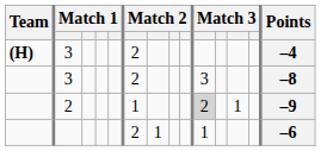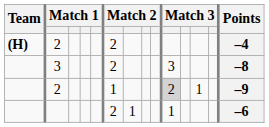 <table class="wikitable sortable" style="text-align:center;">
 <tr>
 <th rowspan=2>Team</th>
 <th colspan=4 style="border-left:3px solid gray">Match 1</th>
 <th colspan=4 style="border-left:3px solid gray">Match 2</th>
 <th colspan=4 style="border-left:3px solid gray">Match 3</th>
 <th rowspan=2 style="border-left:3px solid gray">Points</th>
 </tr>
 <tr>
 <th style="border-left:3px solid gray"></th>
 <th></th>
 <th></th>
 <th></th>
 <th style="border-left:3px solid gray"></th>
 <th></th>
 <th></th>
 <th></th>
 <th style="border-left:3px solid gray"></th>
 <th></th>
 <th></th>
 <th></th>
 </tr>
 <tr>
 <td align=left> <strong>(H)</strong></td>
-<td style="border-left:3px solid gray">3</td>
+<td style="border-left:3px solid gray">2</td>
 <td></td>
 <td></td>
 <td></td>
 <td style="border-left:3px solid gray">2</td>
 <td></td>
 <td></td>
 <td></td>
 <td style="border-left:3px solid gray"></td>
 <td></td>
 <td></td>
 <td></td>
 <th style="border-left:3px solid gray">–4</th>
 </tr>
 <tr>
 <td align=left></td>
 <td style="border-left:3px solid gray">3</td>
 <td></td>
 <td></td>
 <td></td>
 <td style="border-left:3px solid gray">2</td>
 <td></td>
 <td></td>
 <td></td>
 <td style="border-left:3px solid gray">3</td>
 <td></td>
 <td></td>
 <td></td>
 <th style="border-left:3px solid gray">–8</th>
 </tr>
 <tr>
 <td align=left></td>
 <td style="border-left:3px solid gray">2</td>
 <td></td>
 <td></td>
 <td></td>
 <td style="border-left:3px solid gray">1</td>
 <td></td>
 <td></td>
 <td></td>
 <td style="background: lightgrey; border-left:3px solid gray">2</td>
 <td></td>
 <td>1</td>
 <td></td>
 <th style="border-left:3px solid gray">–9</th>
 </tr>
 <tr>
 <td align=left></td>
 <td style="border-left:3px solid gray"></td>
 <td></td>
 <td></td>
 <td></td>
 <td style="border-left:3px solid gray">2</td>
 <td>1</td>
 <td></td>
 <td></td>
 <td style="border-left:3px solid gray">1</td>
 <td></td>
 <td></td>
 <td></td>
 <th style="border-left:3px solid gray">–6</th>
 </tr>
 </table>
